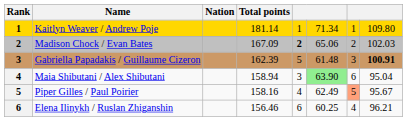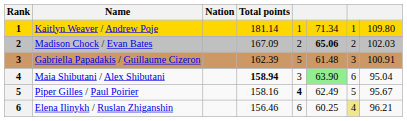 <table class="wikitable sortable">
 <tr>
 <th>Rank</th>
 <th>Name</th>
 <th>Nation</th>
 <th>Total points</th>
 <th colspan="2" width="80px"></th>
 <th colspan="2" width="80px"></th>
 </tr>
 <tr bgcolor="gold">
 <td align="center"><strong>1</strong></td>
 <td><a href='#'>Kaitlyn Weaver</a> / <a href='#'>Andrew Poje</a></td>
 <td></td>
 <td align="center">181.14</td>
 <td align="center">1</td>
 <td align="center">71.34</td>
 <td align="center">1</td>
 <td align="center">109.80</td>
 </tr>
 <tr bgcolor="silver">
 <td align="center"><strong>2</strong></td>
 <td><a href='#'>Madison Chock</a> / <a href='#'>Evan Bates</a></td>
 <td></td>
 <td align="center">167.09</td>
-<td align="center"><strong>2</strong></td>
-<td align="center">65.06</td>
+<td align="center">2</td>
+<td align="center"><strong>65.06</strong></td>
 <td align="center">2</td>
 <td align="center">102.03</td>
 </tr>
 <tr bgcolor="cc9966">
 <td align="center"><strong>3</strong></td>
 <td><a href='#'>Gabriella Papadakis</a> / <a href='#'>Guillaume Cizeron</a></td>
 <td></td>
 <td align="center">162.39</td>
 <td align="center">5</td>
 <td align="center">61.48</td>
 <td align="center">3</td>
-<td align="center"><strong>100.91</strong></td>
+<td align="center">100.91</td>
 </tr>
 <tr>
 <th>4</th>
 <td><a href='#'>Maia Shibutani</a> / <a href='#'>Alex Shibutani</a></td>
 <td></td>
-<td align="center">158.94</td>
+<td align="center"><strong>158.94</strong></td>
 <td align="center">3</td>
 <td align="center" style="background: lightgreen;">63.90</td>
 <td align="center">6</td>
 <td align="center">95.04</td>
 </tr>
 <tr>
 <th>5</th>
 <td><a href='#'>Piper Gilles</a> / <a href='#'>Paul Poirier</a></td>
 <td></td>
 <td align="center">158.16</td>
-<td align="center">4</td>
+<td align="center"><strong>4</strong></td>
 <td align="center">62.49</td>
-<td align="center" style="background: lightsalmon;">5</td>
+<td align="center">5</td>
 <td align="center">95.67</td>
 </tr>
 <tr>
 <th>6</th>
 <td><a href='#'>Elena Ilinykh</a> / <a href='#'>Ruslan Zhiganshin</a></td>
 <td></td>
 <td align="center">156.46</td>
 <td align="center">6</td>
 <td align="center">60.25</td>
-<td align="center">4</td>
+<td align="center" style="background: khaki;">4</td>
 <td align="center">96.21</td>
 </tr>
 </table>
